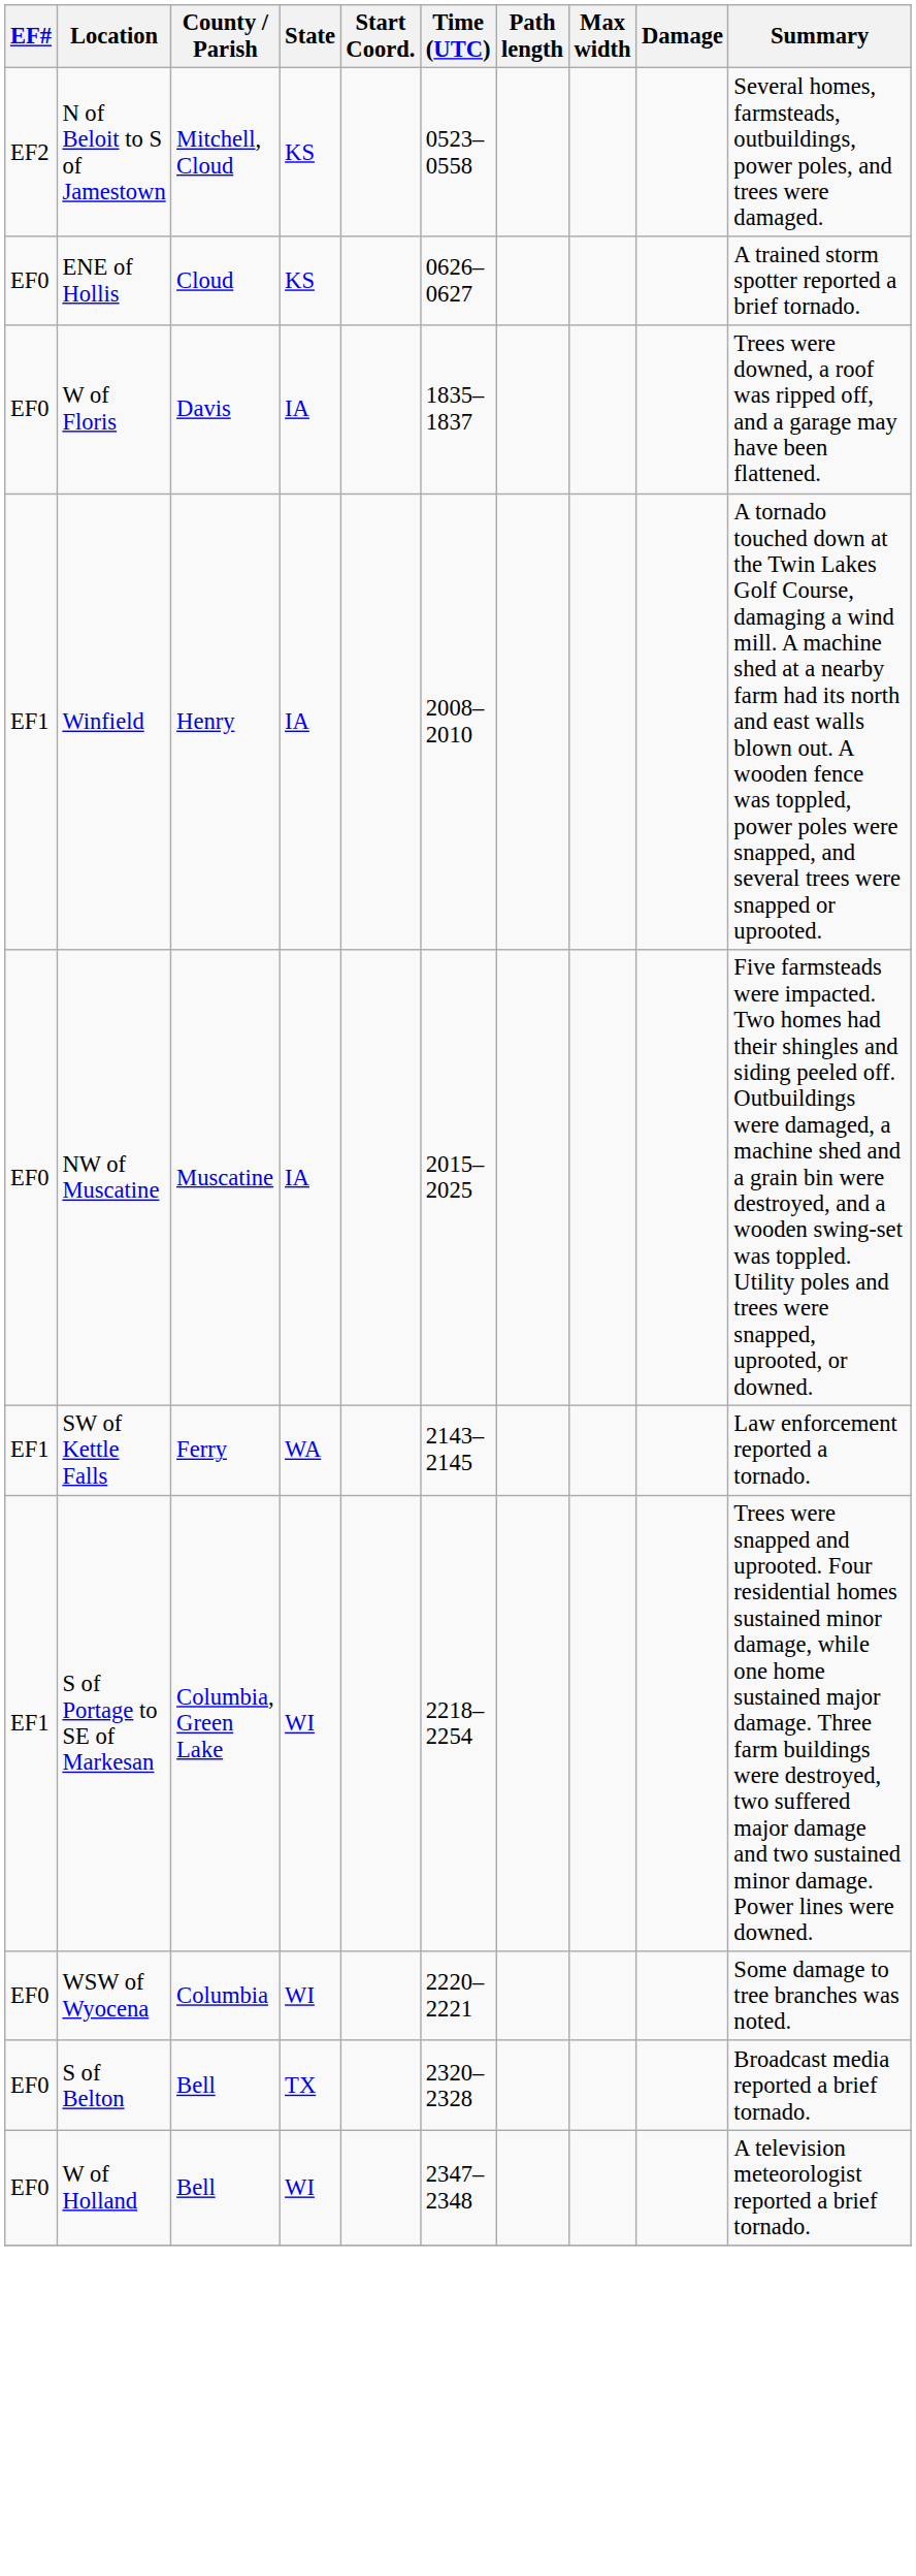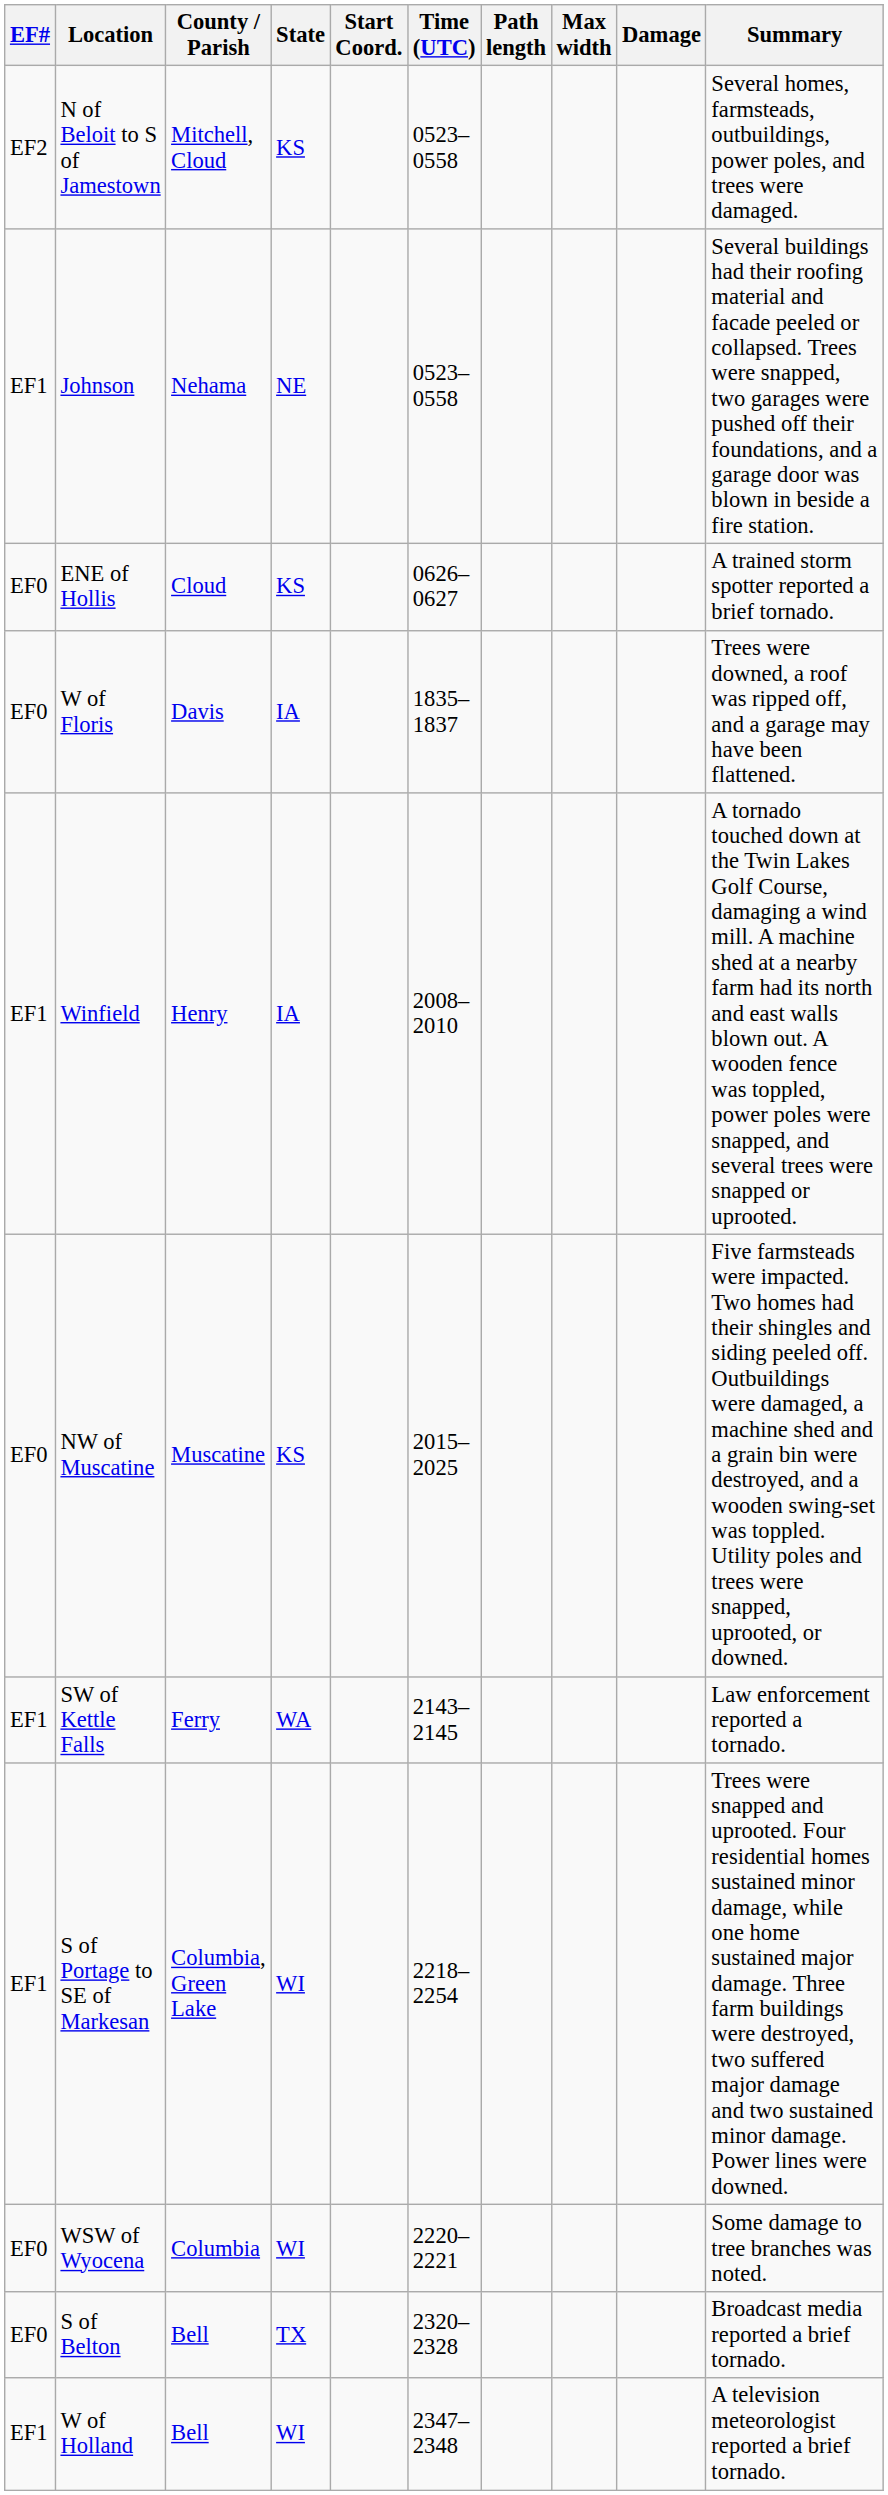 <table class="wikitable sortable" style="width:100%;">
 <tr>
 <th scope="col" width="3%" align="center"><a href='#'>EF#</a></th>
 <th scope="col" width="7%" align="center" class="unsortable">Location</th>
 <th scope="col" width="6%" align="center" class="unsortable">County / Parish</th>
 <th scope="col" width="5%" align="center">State</th>
 <th scope="col" width="6%" align="center">Start Coord.</th>
 <th scope="col" width="6%" align="center">Time (<a href='#'>UTC</a>)</th>
 <th scope="col" width="6%" align="center">Path length</th>
 <th scope="col" width="6%" align="center">Max width</th>
 <th scope="col" width="6%" align="center">Damage</th>
 <th scope="col" width="48%" class="unsortable" align="center">Summary</th>
 </tr>
 <tr>
 <td>EF2</td>
 <td>N of <a href='#'>Beloit</a> to S of <a href='#'>Jamestown</a></td>
 <td><a href='#'>Mitchell</a>, <a href='#'>Cloud</a></td>
 <td><a href='#'>KS</a></td>
 <td></td>
 <td>0523–0558</td>
 <td></td>
 <td></td>
 <td></td>
 <td>Several homes, farmsteads, outbuildings, power poles, and trees were damaged.</td>
+</tr>
+<tr>
+<td>EF1</td>
+<td><a href='#'>Johnson</a></td>
+<td><a href='#'>Nehama</a></td>
+<td><a href='#'>NE</a></td>
+<td></td>
+<td>0523–0558</td>
+<td></td>
+<td></td>
+<td></td>
+<td>Several buildings had their roofing material and facade peeled or collapsed. Trees were snapped, two garages were pushed off their foundations, and a garage door was blown in beside a fire station.</td>
 </tr>
 <tr>
 <td>EF0</td>
 <td>ENE of <a href='#'>Hollis</a></td>
 <td><a href='#'>Cloud</a></td>
 <td><a href='#'>KS</a></td>
 <td></td>
 <td>0626–0627</td>
 <td></td>
 <td></td>
 <td></td>
 <td>A trained storm spotter reported a brief tornado.</td>
 </tr>
 <tr>
 <td>EF0</td>
 <td>W of <a href='#'>Floris</a></td>
 <td><a href='#'>Davis</a></td>
 <td><a href='#'>IA</a></td>
 <td></td>
 <td>1835–1837</td>
 <td></td>
 <td></td>
 <td></td>
 <td>Trees were downed, a roof was ripped off, and a garage may have been flattened.</td>
 </tr>
 <tr>
 <td>EF1</td>
 <td><a href='#'>Winfield</a></td>
 <td><a href='#'>Henry</a></td>
 <td><a href='#'>IA</a></td>
 <td></td>
 <td>2008–2010</td>
 <td></td>
 <td></td>
 <td></td>
 <td>A tornado touched down at the Twin Lakes Golf Course, damaging a wind mill. A machine shed at a nearby farm had its north and east walls blown out. A wooden fence was toppled, power poles were snapped, and several trees were snapped or uprooted.</td>
 </tr>
 <tr>
 <td>EF0</td>
 <td>NW of <a href='#'>Muscatine</a></td>
 <td><a href='#'>Muscatine</a></td>
-<td><a href='#'>IA</a></td>
+<td><a href='#'>KS</a></td>
 <td></td>
 <td>2015–2025</td>
 <td></td>
 <td></td>
 <td></td>
 <td>Five farmsteads were impacted. Two homes had their shingles and siding peeled off. Outbuildings were damaged, a machine shed and a grain bin were destroyed, and a wooden swing-set was toppled. Utility poles and trees were snapped, uprooted, or downed.</td>
 </tr>
 <tr>
 <td>EF1</td>
 <td>SW of <a href='#'>Kettle Falls</a></td>
 <td><a href='#'>Ferry</a></td>
 <td><a href='#'>WA</a></td>
 <td></td>
 <td>2143–2145</td>
 <td></td>
 <td></td>
 <td></td>
 <td>Law enforcement reported a tornado.</td>
 </tr>
 <tr>
 <td>EF1</td>
 <td>S of <a href='#'>Portage</a> to SE of <a href='#'>Markesan</a></td>
 <td><a href='#'>Columbia</a>, <a href='#'>Green Lake</a></td>
 <td><a href='#'>WI</a></td>
 <td></td>
 <td>2218–2254</td>
 <td></td>
 <td></td>
 <td></td>
 <td>Trees were snapped and uprooted. Four residential homes sustained minor damage, while one home sustained major damage. Three farm buildings were destroyed, two suffered major damage and two sustained minor damage. Power lines were downed.</td>
 </tr>
 <tr>
 <td>EF0</td>
 <td>WSW of <a href='#'>Wyocena</a></td>
 <td><a href='#'>Columbia</a></td>
 <td><a href='#'>WI</a></td>
 <td></td>
 <td>2220–2221</td>
 <td></td>
 <td></td>
 <td></td>
 <td>Some damage to tree branches was noted.</td>
 </tr>
 <tr>
 <td>EF0</td>
 <td>S of <a href='#'>Belton</a></td>
 <td><a href='#'>Bell</a></td>
 <td><a href='#'>TX</a></td>
 <td></td>
 <td>2320–2328</td>
 <td></td>
 <td></td>
 <td></td>
 <td>Broadcast media reported a brief tornado.</td>
 </tr>
 <tr>
-<td>EF0</td>
+<td>EF1</td>
 <td>W of <a href='#'>Holland</a></td>
 <td><a href='#'>Bell</a></td>
 <td><a href='#'>WI</a></td>
 <td></td>
 <td>2347–2348</td>
 <td></td>
 <td></td>
 <td></td>
 <td>A television meteorologist reported a brief tornado.</td>
 </tr>
 <tr>
 </tr>
 </table>
